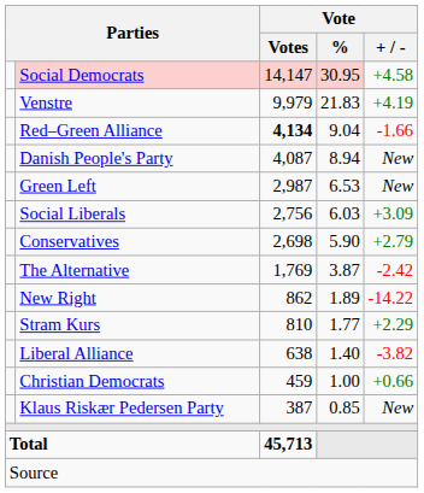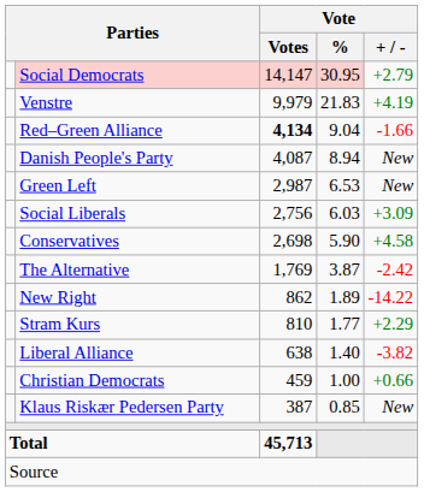 <table class="wikitable" style="text-align:right;">
 <tr>
 <th style="text-align:centre;" rowspan="2" colspan="2" width="225">Parties</th>
 <th colspan="3">Vote</th>
 </tr>
 <tr>
 <th width="15">Votes</th>
 <th width="15">%</th>
 <th width="15">+ / -</th>
 </tr>
 <tr>
 <td width="2" style="color:inherit;background:"></td>
 <td bgcolor=#fbd0ce  align="left"><a href='#'>Social Democrats</a></td>
 <td bgcolor=#fbd0ce>14,147</td>
 <td bgcolor=#fbd0ce>30.95</td>
-<td style=color:green;>+4.58</td>
+<td style=color:green;>+2.79</td>
 </tr>
 <tr>
 <td width="2" style="color:inherit;background:"></td>
 <td align="left"><a href='#'>Venstre</a></td>
 <td>9,979</td>
 <td>21.83</td>
 <td style=color:green;>+4.19</td>
 </tr>
 <tr>
 <td width="2" style="color:inherit;background:"></td>
 <td align="left"><a href='#'>Red–Green Alliance</a></td>
 <td><strong>4,134</strong></td>
 <td>9.04</td>
 <td style=color:red;>-1.66</td>
 </tr>
 <tr>
 <td width="2" style="color:inherit;background:"></td>
 <td align="left"><a href='#'>Danish People's Party</a></td>
 <td>4,087</td>
 <td>8.94</td>
 <td><em>New</em></td>
 </tr>
 <tr>
 <td width="2" style="color:inherit;background:"></td>
 <td align="left"><a href='#'>Green Left</a></td>
 <td>2,987</td>
 <td>6.53</td>
 <td><em>New</em></td>
 </tr>
 <tr>
 <td width="2" style="color:inherit;background:"></td>
 <td align="left"><a href='#'>Social Liberals</a></td>
 <td>2,756</td>
 <td>6.03</td>
 <td style=color:green;>+3.09</td>
 </tr>
 <tr>
 <td width="2" style="color:inherit;background:"></td>
 <td align="left"><a href='#'>Conservatives</a></td>
 <td>2,698</td>
 <td>5.90</td>
-<td style=color:green;>+2.79</td>
+<td style=color:green;>+4.58</td>
 </tr>
 <tr>
 <td width="2" style="color:inherit;background:"></td>
 <td align="left"><a href='#'>The Alternative</a></td>
 <td>1,769</td>
 <td>3.87</td>
 <td style=color:red;>-2.42</td>
 </tr>
 <tr>
 <td width="2" style="color:inherit;background:"></td>
 <td align="left"><a href='#'>New Right</a></td>
 <td>862</td>
 <td>1.89</td>
 <td style=color:red;>-14.22</td>
 </tr>
 <tr>
 <td width="2" style="color:inherit;background:"></td>
 <td align="left"><a href='#'>Stram Kurs</a></td>
 <td>810</td>
 <td>1.77</td>
 <td style=color:green;>+2.29</td>
 </tr>
 <tr>
 <td width="2" style="color:inherit;background:"></td>
 <td align="left"><a href='#'>Liberal Alliance</a></td>
 <td>638</td>
 <td>1.40</td>
 <td style=color:red;>-3.82</td>
 </tr>
 <tr>
 <td width="2" style="color:inherit;background:"></td>
 <td align="left"><a href='#'>Christian Democrats</a></td>
 <td>459</td>
 <td>1.00</td>
 <td style=color:green;>+0.66</td>
 </tr>
 <tr>
 <td width="2" style="color:inherit;background:"></td>
 <td align="left"><a href='#'>Klaus Riskær Pedersen Party</a></td>
 <td>387</td>
 <td>0.85</td>
 <td><em>New</em></td>
 </tr>
 <tr>
 <td colspan="7" bgcolor="#E9E9E9"></td>
 </tr>
 <tr>
 <td align="left" colspan="2"><strong>Total</strong></td>
 <td><strong>45,713</strong></td>
 <td bgcolor="#E9E9E9" colspan="2"></td>
 </tr>
 <tr>
 <td align="left" colspan="6">Source</td>
 </tr>
 </table>
